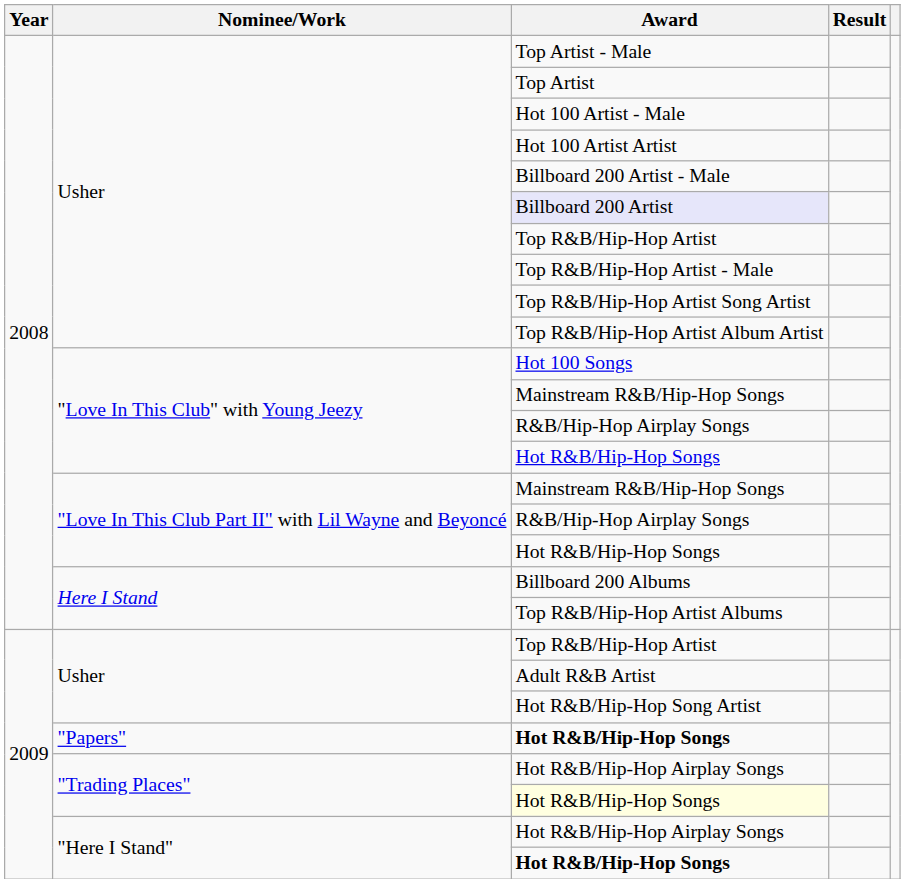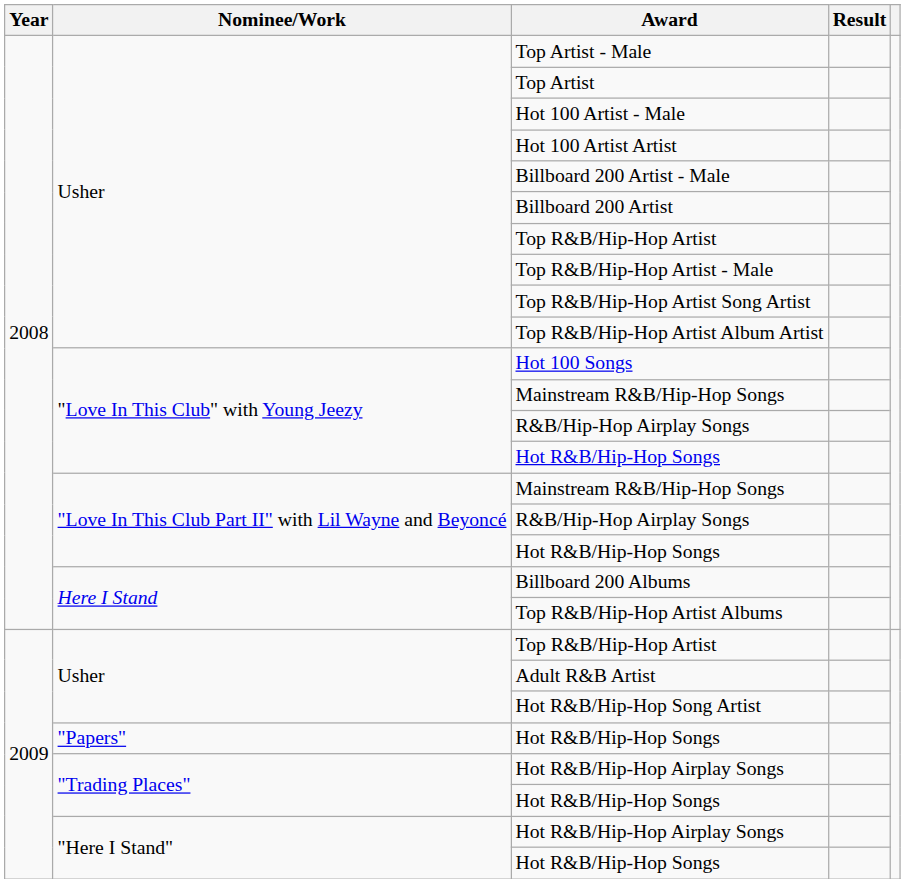 <table class="wikitable">
 <tr>
 <th>Year</th>
 <th>Nominee/Work</th>
 <th>Award</th>
 <th>Result</th>
 <th></th>
 </tr>
 <tr>
 <td rowspan="19">2008</td>
 <td rowspan="10">Usher</td>
 <td>Top Artist - Male</td>
 <td></td>
 <td style="text-align:center;" rowspan="19"></td>
 </tr>
 <tr>
 <td>Top Artist</td>
 <td></td>
 </tr>
 <tr>
 <td>Hot 100 Artist - Male</td>
 <td></td>
 </tr>
 <tr>
 <td>Hot 100 Artist Artist</td>
 <td></td>
 </tr>
 <tr>
 <td>Billboard 200 Artist - Male</td>
 <td></td>
 </tr>
 <tr>
-<td style="background: lavender;">Billboard 200 Artist</td>
+<td>Billboard 200 Artist</td>
 <td></td>
 </tr>
 <tr>
 <td>Top R&B/Hip-Hop Artist</td>
 <td></td>
 </tr>
 <tr>
 <td>Top R&B/Hip-Hop Artist - Male</td>
 <td></td>
 </tr>
 <tr>
 <td>Top R&B/Hip-Hop Artist Song Artist</td>
 <td></td>
 </tr>
 <tr>
 <td>Top R&B/Hip-Hop Artist Album Artist</td>
 <td></td>
 </tr>
 <tr>
 <td rowspan="4">"<a href='#'>Love In This Club</a>" with <a href='#'>Young Jeezy</a></td>
 <td><a href='#'>Hot 100 Songs</a></td>
 <td></td>
 </tr>
 <tr>
 <td>Mainstream R&B/Hip-Hop Songs</td>
 <td></td>
 </tr>
 <tr>
 <td>R&B/Hip-Hop Airplay Songs</td>
 <td></td>
 </tr>
 <tr>
 <td><a href='#'>Hot R&B/Hip-Hop Songs</a></td>
 <td></td>
 </tr>
 <tr>
 <td rowspan="3"><a href='#'>"Love In This Club Part II"</a> with <a href='#'>Lil Wayne</a> and <a href='#'>Beyoncé</a></td>
 <td>Mainstream R&B/Hip-Hop Songs</td>
 <td></td>
 </tr>
 <tr>
 <td>R&B/Hip-Hop Airplay Songs</td>
 <td></td>
 </tr>
 <tr>
 <td>Hot R&B/Hip-Hop Songs</td>
 <td></td>
 </tr>
 <tr>
 <td rowspan="2"><em><a href='#'>Here I Stand</a></em></td>
 <td>Billboard 200 Albums</td>
 <td></td>
 </tr>
 <tr>
 <td>Top R&B/Hip-Hop Artist Albums</td>
 <td></td>
 </tr>
 <tr>
 <td rowspan="14">2009</td>
 <td rowspan="3">Usher</td>
 <td>Top R&B/Hip-Hop Artist</td>
 <td></td>
 <td style="text-align:center;" rowspan="14"></td>
 </tr>
 <tr>
 <td>Adult R&B Artist</td>
 <td></td>
 </tr>
 <tr>
 <td>Hot R&B/Hip-Hop Song Artist</td>
 <td></td>
 </tr>
 <tr>
 <td rowspan="1"><a href='#'>"Papers"</a></td>
-<td><strong>Hot R&B/Hip-Hop Songs</strong></td>
+<td>Hot R&B/Hip-Hop Songs</td>
 <td></td>
 </tr>
 <tr>
 <td rowspan="2"><a href='#'>"Trading Places"</a></td>
 <td>Hot R&B/Hip-Hop Airplay Songs</td>
 <td></td>
 </tr>
 <tr>
-<td style="background: lightyellow;">Hot R&B/Hip-Hop Songs</td>
+<td>Hot R&B/Hip-Hop Songs</td>
 <td></td>
 </tr>
 <tr>
 <td rowspan="2">"Here I Stand"</td>
 <td>Hot R&B/Hip-Hop Airplay Songs</td>
 <td></td>
 </tr>
 <tr>
-<td><strong>Hot R&B/Hip-Hop Songs</strong></td>
+<td>Hot R&B/Hip-Hop Songs</td>
 <td></td>
 </tr>
 </table>
